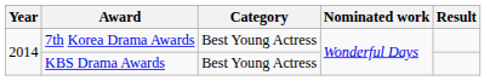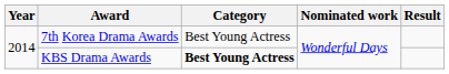 <table class="wikitable">
 <tr>
 <th width=10>Year</th>
 <th>Award</th>
 <th>Category</th>
 <th>Nominated work</th>
 <th>Result</th>
 </tr>
 <tr>
 <td rowspan=2>2014</td>
 <td><a href='#'>7th</a> <a href='#'>Korea Drama Awards</a></td>
 <td>Best Young Actress</td>
 <td rowspan=2><em><a href='#'>Wonderful Days</a></em></td>
 <td></td>
 </tr>
 <tr>
 <td><a href='#'>KBS Drama Awards</a></td>
-<td>Best Young Actress</td>
+<td><strong>Best Young Actress</strong></td>
 <td></td>
 </tr>
 </table>
